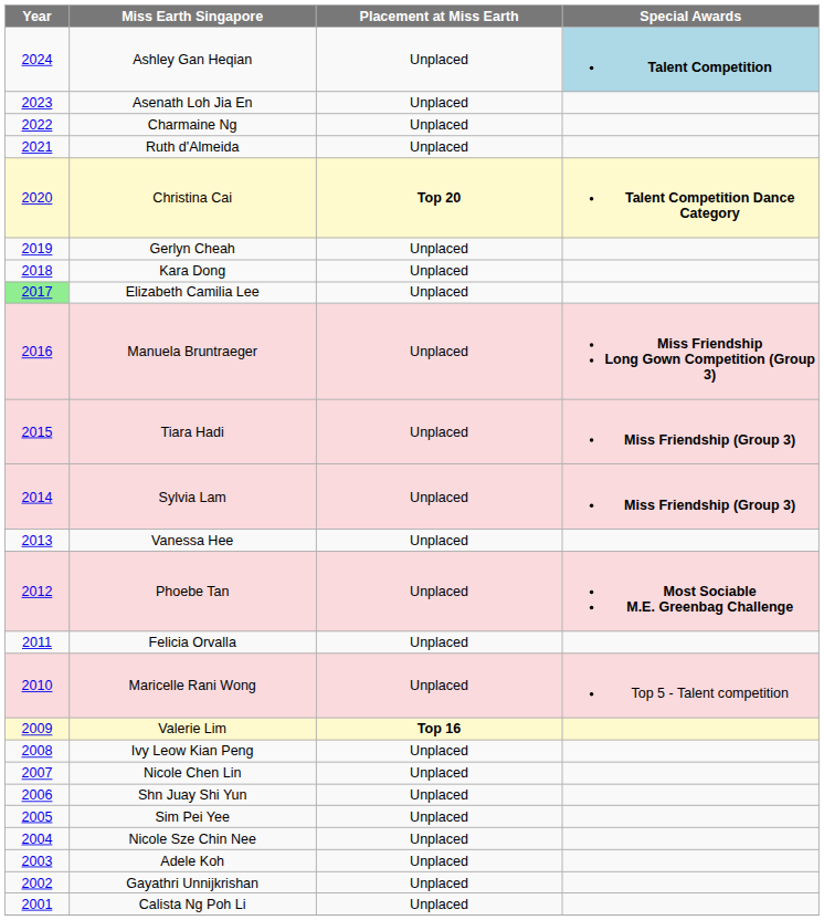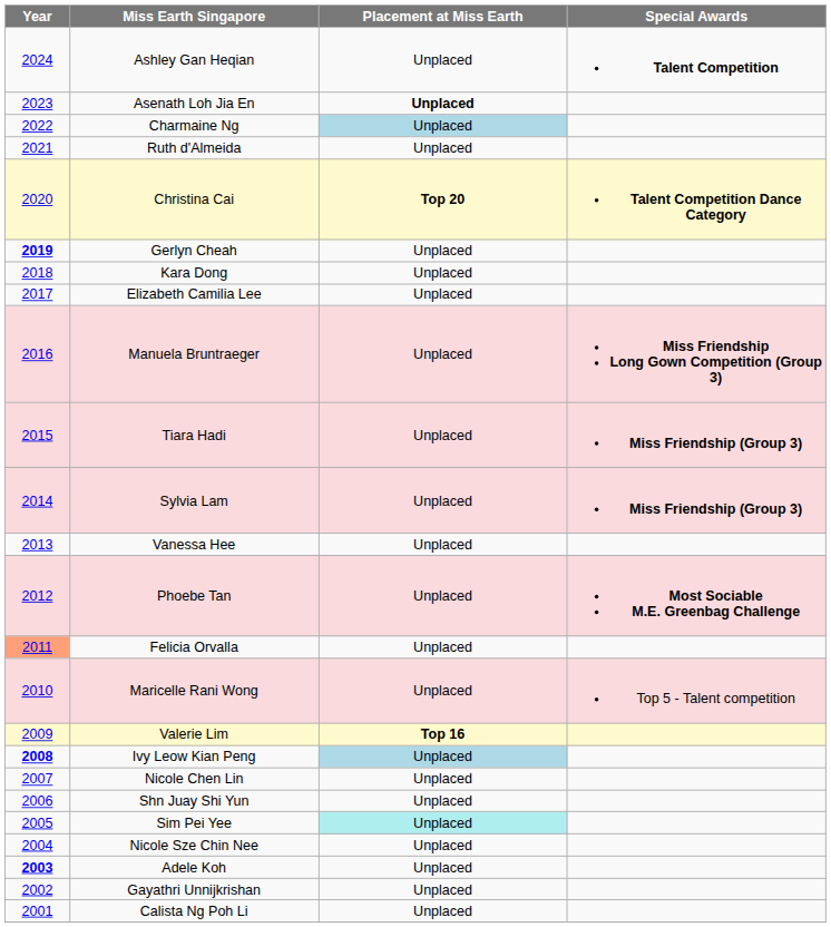 <table class="wikitable" style="font-size: 90%; text-align:center">
 <tr>
 <th width="60" style="background-color:#787878;color:#FFFFFF;">Year</th>
 <th width="250" style="background-color:#787878;color:#FFFFFF;">Miss Earth Singapore</th>
 <th width="250" style="background-color:#787878;color:#FFFFFF;">Placement at Miss Earth</th>
 <th width="260" style="background-color:#787878;color:#FFFFFF;">Special Awards</th>
 </tr>
 <tr>
 <td><a href='#'>2024</a></td>
 <td>Ashley Gan Heqian</td>
 <td>Unplaced</td>
-<td style="background: lightblue;"><br><ul><li><strong> Talent Competition</strong></li></ul></td>
+<td><br><ul><li><strong> Talent Competition</strong></li></ul></td>
 </tr>
 <tr>
 <td><a href='#'>2023</a></td>
 <td>Asenath Loh Jia En</td>
-<td>Unplaced</td>
+<td><strong>Unplaced</strong></td>
 <td></td>
 </tr>
 <tr>
 <td><a href='#'>2022</a></td>
 <td>Charmaine Ng</td>
-<td>Unplaced</td>
+<td style="background: lightblue;">Unplaced</td>
 <td></td>
 </tr>
 <tr>
 <td><a href='#'>2021</a></td>
 <td>Ruth d'Almeida</td>
 <td>Unplaced</td>
 <td></td>
 </tr>
 <tr style="background-color:#FFFACD; : bold">
 <td><a href='#'>2020</a></td>
 <td>Christina Cai</td>
 <td><strong>Top 20</strong></td>
 <td><br><ul><li><strong> Talent Competition Dance Category</strong></li></ul></td>
 </tr>
 <tr>
-<td><a href='#'>2019</a></td>
+<td><strong><a href='#'>2019</a></strong></td>
 <td>Gerlyn Cheah</td>
 <td>Unplaced</td>
 <td></td>
 </tr>
 <tr>
 <td><a href='#'>2018</a></td>
 <td>Kara Dong</td>
 <td>Unplaced</td>
 <td></td>
 </tr>
 <tr>
-<td style="background: lightgreen;"><a href='#'>2017</a></td>
+<td><a href='#'>2017</a></td>
 <td>Elizabeth Camilia Lee</td>
 <td>Unplaced</td>
 <td></td>
 </tr>
 <tr style="background-color:#FADADD;: bold">
 <td><a href='#'>2016</a></td>
 <td>Manuela Bruntraeger</td>
 <td>Unplaced</td>
 <td><br><ul><li><strong> Miss Friendship</strong></li><li><strong> Long Gown Competition (Group 3)</strong></li></ul></td>
 </tr>
 <tr style="background-color:#FADADD;: bold">
 <td><a href='#'>2015</a></td>
 <td>Tiara Hadi</td>
 <td>Unplaced</td>
 <td><br><ul><li><strong> Miss Friendship (Group 3)</strong></li></ul></td>
 </tr>
 <tr style="background-color:#FADADD;: bold">
 <td><a href='#'>2014</a></td>
 <td>Sylvia Lam</td>
 <td>Unplaced</td>
 <td><br><ul><li><strong> Miss Friendship (Group 3)</strong></li></ul></td>
 </tr>
 <tr>
 <td><a href='#'>2013</a></td>
 <td>Vanessa Hee</td>
 <td>Unplaced</td>
 <td></td>
 </tr>
 <tr style="background-color:#FADADD;: bold">
 <td><a href='#'>2012</a></td>
 <td>Phoebe Tan</td>
 <td>Unplaced</td>
 <td><br><ul><li><strong> Most Sociable</strong></li><li><strong> M.E. Greenbag Challenge</strong></li></ul></td>
 </tr>
 <tr>
-<td><a href='#'>2011</a></td>
+<td style="background: lightsalmon;"><a href='#'>2011</a></td>
 <td>Felicia Orvalla</td>
 <td>Unplaced</td>
 <td></td>
 </tr>
 <tr style="background-color:#FADADD;: bold">
 <td><a href='#'>2010</a></td>
 <td>Maricelle Rani Wong</td>
 <td>Unplaced</td>
 <td><br><ul><li>Top 5 - Talent competition</li></ul></td>
 </tr>
 <tr style="background-color:#FFFACD;">
 <td><a href='#'>2009</a></td>
 <td>Valerie Lim</td>
 <td><strong>Top 16</strong></td>
 <td></td>
 </tr>
 <tr>
-<td><a href='#'>2008</a></td>
+<td><strong><a href='#'>2008</a></strong></td>
 <td>Ivy Leow Kian Peng</td>
-<td>Unplaced</td>
+<td style="background: lightblue;">Unplaced</td>
 <td></td>
 </tr>
 <tr>
 <td><a href='#'>2007</a></td>
 <td>Nicole Chen Lin</td>
 <td>Unplaced</td>
 <td></td>
 </tr>
 <tr>
 <td><a href='#'>2006</a></td>
 <td>Shn Juay Shi Yun</td>
 <td>Unplaced</td>
 <td></td>
 </tr>
 <tr>
 <td><a href='#'>2005</a></td>
 <td>Sim Pei Yee</td>
-<td>Unplaced</td>
+<td style="background: paleturquoise;">Unplaced</td>
 <td></td>
 </tr>
 <tr>
 <td><a href='#'>2004</a></td>
 <td>Nicole Sze Chin Nee</td>
 <td>Unplaced</td>
 <td></td>
 </tr>
 <tr>
-<td><a href='#'>2003</a></td>
+<td><strong><a href='#'>2003</a></strong></td>
 <td>Adele Koh</td>
 <td>Unplaced</td>
 <td></td>
 </tr>
 <tr>
 <td><a href='#'>2002</a></td>
 <td>Gayathri Unnijkrishan</td>
 <td>Unplaced</td>
 <td></td>
 </tr>
 <tr>
 <td><a href='#'>2001</a></td>
 <td>Calista Ng Poh Li</td>
 <td>Unplaced</td>
 <td></td>
 </tr>
 <tr>
 </tr>
 </table>
